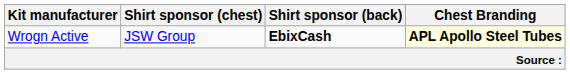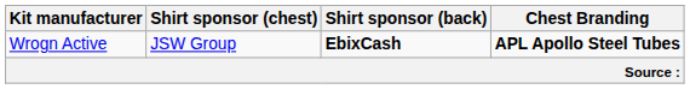 <table class="wikitable"  style="font-size:85%;">
 <tr>
 <th>Kit manufacturer</th>
 <th>Shirt sponsor (chest)</th>
 <th>Shirt sponsor (back)</th>
 <th>Chest Branding</th>
 </tr>
 <tr>
 <td><a href='#'>Wrogn Active</a></td>
 <td><a href='#'>JSW Group</a></td>
 <td><strong>EbixCash</strong></td>
-<td style="background: lightyellow;"><strong>APL Apollo Steel Tubes</strong></td>
+<td><strong>APL Apollo Steel Tubes</strong></td>
 </tr>
 <tr>
 <th colspan="4" style="text-align:right;"><small> Source : </small></th>
 </tr>
 </table>
